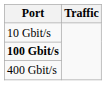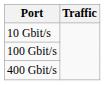 <table class="wikitable">
 <tr>
 <th>Port</th>
 <th>Traffic</th>
 </tr>
 <tr>
 <td>10 Gbit/s</td>
 </tr>
 <tr>
-<td><strong>100 Gbit/s</strong></td>
+<td>100 Gbit/s</td>
 </tr>
 <tr>
 <td>400 Gbit/s</td>
 </tr>
 </table>
